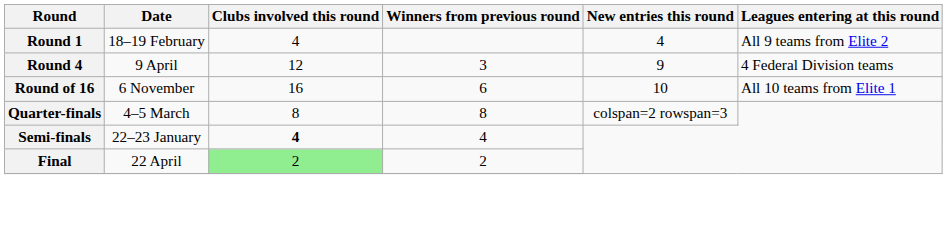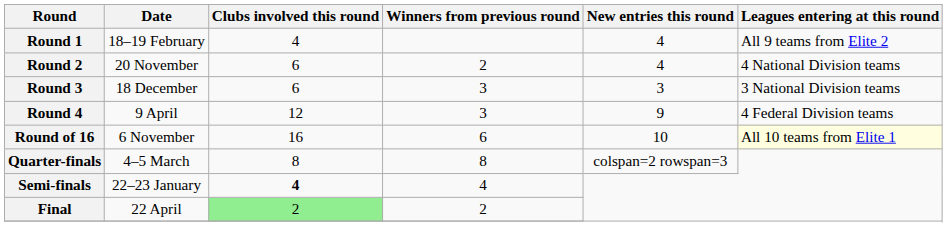 <table class="wikitable plainrowheaders" style="text-align:center;">
 <tr>
 <th scope="col">Round</th>
 <th scope="col">Date</th>
 <th scope="col">Clubs involved this round</th>
 <th scope="col">Winners from previous round</th>
 <th scope="col">New entries this round</th>
 <th scope="col">Leagues entering at this round</th>
 </tr>
 <tr>
 <th scope="row" style="text-align:center;">Round 1</th>
 <td>18–19 February</td>
 <td>4</td>
 <td></td>
 <td>4</td>
 <td style="text-align: left;">All 9 teams from <a href='#'>Elite 2</a></td>
 </tr>
 <tr>
+<th scope="row" style="text-align:center;">Round 2</th>
+<td>20 November</td>
+<td>6</td>
+<td>2</td>
+<td>4</td>
+<td style="text-align: left;">4 National Division teams</td>
+</tr>
+<tr>
+<th scope="row" style="text-align:center;">Round 3</th>
+<td>18 December</td>
+<td>6</td>
+<td>3</td>
+<td>3</td>
+<td style="text-align: left;">3 National Division teams</td>
+</tr>
+<tr>
 <th scope="row" style="text-align:center;">Round 4</th>
 <td>9 April</td>
 <td>12</td>
 <td>3</td>
 <td>9</td>
 <td style="text-align: left;">4 Federal Division teams</td>
 </tr>
 <tr>
 <th scope="row" style="text-align:center;">Round of 16</th>
 <td>6 November</td>
 <td>16</td>
 <td>6</td>
 <td>10</td>
-<td style="text-align: left;">All 10 teams from <a href='#'>Elite 1</a></td>
+<td style="background: lightyellow; text-align: left;">All 10 teams from <a href='#'>Elite 1</a></td>
 </tr>
 <tr>
 <th scope="row" style="text-align:center;">Quarter-finals</th>
 <td>4–5 March</td>
 <td>8</td>
 <td>8</td>
 <td>colspan=2 rowspan=3</td>
 </tr>
 <tr>
 <th scope="row" style="text-align:center;">Semi-finals</th>
 <td>22–23 January</td>
 <td><strong>4</strong></td>
 <td>4</td>
 </tr>
 <tr>
 <th scope="row" style="text-align:center;">Final</th>
 <td>22 April</td>
 <td style="background: lightgreen;">2</td>
 <td>2</td>
 </tr>
 <tr>
 </tr>
 </table>
